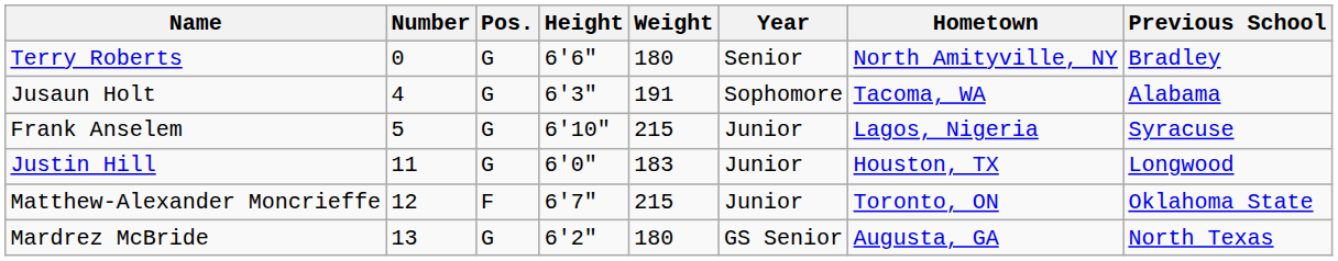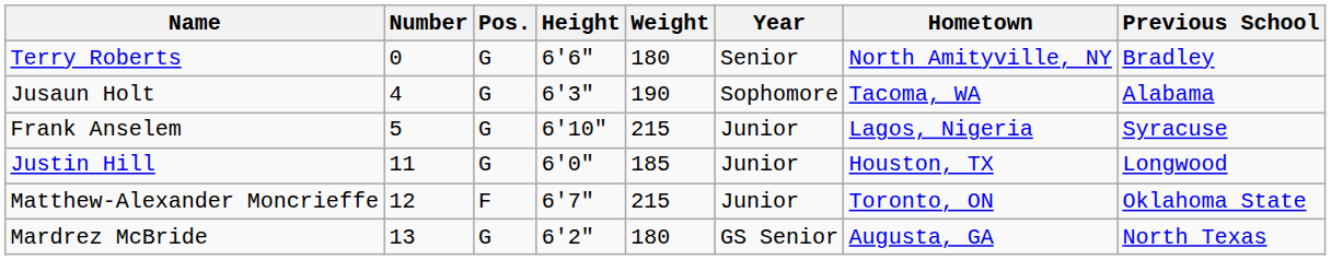 <table class="wikitable sortable" border="1">
 <tr>
 <th>Name</th>
 <th>Number</th>
 <th>Pos.</th>
 <th>Height</th>
 <th>Weight</th>
 <th>Year</th>
 <th>Hometown</th>
 <th class="unsortable">Previous School</th>
 </tr>
 <tr>
 <td><a href='#'>Terry Roberts</a></td>
 <td>0</td>
 <td>G</td>
 <td>6'6"</td>
 <td>180</td>
 <td>Senior</td>
 <td><a href='#'>North Amityville, NY</a></td>
 <td><a href='#'>Bradley</a></td>
 </tr>
 <tr>
 <td>Jusaun Holt</td>
 <td>4</td>
 <td>G</td>
 <td>6'3"</td>
-<td>191</td>
+<td>190</td>
 <td>Sophomore</td>
 <td><a href='#'>Tacoma, WA</a></td>
 <td><a href='#'>Alabama</a></td>
 </tr>
 <tr>
 <td>Frank Anselem</td>
 <td>5</td>
 <td>G</td>
 <td>6'10"</td>
 <td>215</td>
 <td>Junior</td>
 <td><a href='#'>Lagos, Nigeria</a></td>
 <td><a href='#'>Syracuse</a></td>
 </tr>
 <tr>
 <td><a href='#'>Justin Hill</a></td>
 <td>11</td>
 <td>G</td>
 <td>6'0"</td>
-<td>183</td>
+<td>185</td>
 <td>Junior</td>
 <td><a href='#'>Houston, TX</a></td>
 <td><a href='#'>Longwood</a></td>
 </tr>
 <tr>
 <td>Matthew-Alexander Moncrieffe</td>
 <td>12</td>
 <td>F</td>
 <td>6'7"</td>
 <td>215</td>
 <td>Junior</td>
 <td><a href='#'>Toronto, ON</a></td>
 <td><a href='#'>Oklahoma State</a></td>
 </tr>
 <tr>
 <td>Mardrez McBride</td>
 <td>13</td>
 <td>G</td>
 <td>6'2"</td>
 <td>180</td>
 <td>GS Senior</td>
 <td><a href='#'>Augusta, GA</a></td>
 <td><a href='#'>North Texas</a></td>
 </tr>
 </table>
